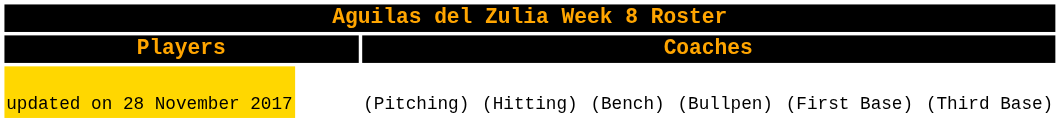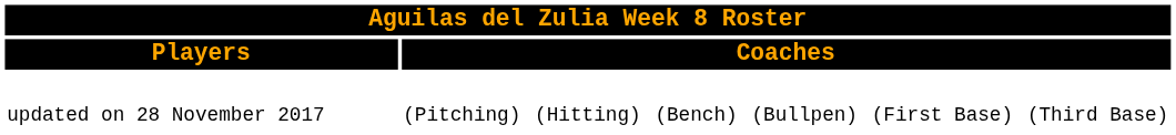 <table class="toccolours" style="font-size: 95%;">
 <tr>
 <th colspan="10" style="background-color: #000000;color:orange;text-align:center;">Aguilas del Zulia Week 8 Roster</th>
 </tr>
 <tr>
 <th colspan="4" style="background-color: #000000; color: orange">Players</th>
 <th colspan="1" style="background-color: #000000; color: orange">Coaches</th>
 </tr>
 <tr>
-<td style="background: gold; vertical-align:top;text-align:left;"><br>                <small><span></span> updated on 28 November 2017</small></td>
+<td style="vertical-align:top;text-align:left;"><br>                <small><span></span> updated on 28 November 2017</small></td>
 <td width="25px"></td>
 <td style="vertical-align:top;text-align:left;"><br>           </td>
 <td style="vertical-align:top;text-align:left;"></td>
 <td style="vertical-align:top;text-align:left;"><br> <small>(Pitching)</small>  <small>(Hitting)</small>  <small>(Bench)</small>  <small>(Bullpen)</small>  <small>(First Base)</small>  <small>(Third Base)</small></td>
 </tr>
 </table>
